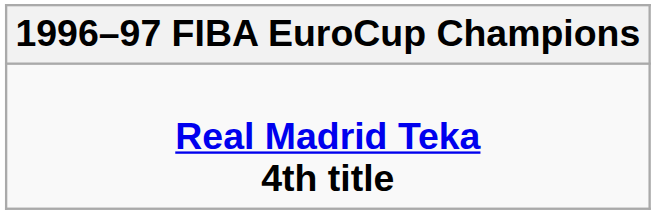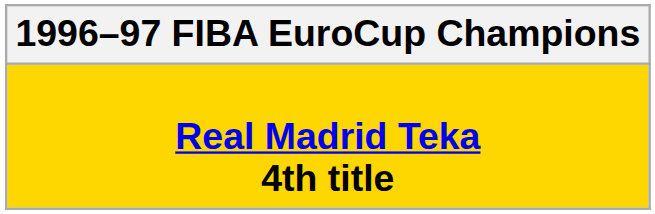 <table class=wikitable style="text-align:center; margin:auto">
 <tr>
 <th>1996–97 FIBA EuroCup Champions</th>
 </tr>
 <tr>
-<td><br> <strong><a href='#'>Real Madrid Teka</a></strong> <br> <strong>4th title</strong></td>
+<td style="background: gold;"><br> <strong><a href='#'>Real Madrid Teka</a></strong> <br> <strong>4th title</strong></td>
 </tr>
 </table>
